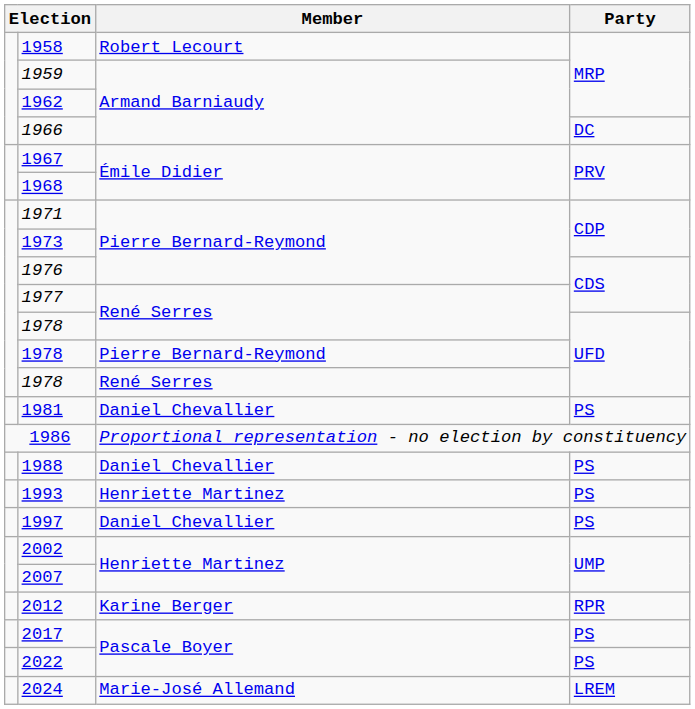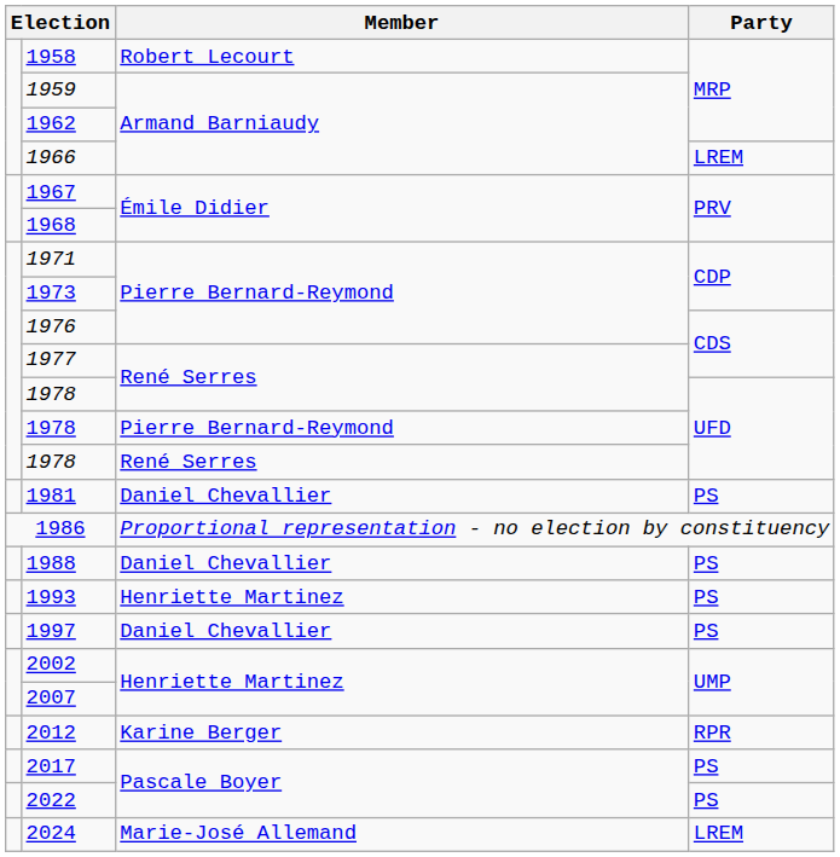 <table class="wikitable">
 <tr>
 <th colspan="2">Election</th>
 <th>Member</th>
 <th>Party</th>
 </tr>
 <tr>
 <td rowspan="4" style="color:inherit;background-color: "></td>
 <td><a href='#'>1958</a></td>
 <td><a href='#'>Robert Lecourt</a></td>
 <td rowspan="3"><a href='#'>MRP</a></td>
 </tr>
 <tr>
 <td><em>1959</em></td>
 <td rowspan="3"><a href='#'>Armand Barniaudy</a></td>
 </tr>
 <tr>
 <td><a href='#'>1962</a></td>
 </tr>
 <tr>
 <td><em>1966</em></td>
-<td><a href='#'>DC</a></td>
+<td><a href='#'>LREM</a></td>
 </tr>
 <tr>
 <td rowspan="2" style="color:inherit;background-color: "></td>
 <td><a href='#'>1967</a></td>
 <td rowspan="2"><a href='#'>Émile Didier</a></td>
 <td rowspan="2"><a href='#'>PRV</a></td>
 </tr>
 <tr>
 <td><a href='#'>1968</a></td>
 </tr>
 <tr>
 <td rowspan="7" style="color:inherit;background-color: "></td>
 <td><em>1971</em></td>
 <td rowspan="3"><a href='#'>Pierre Bernard-Reymond</a></td>
 <td rowspan="2"><a href='#'>CDP</a></td>
 </tr>
 <tr>
 <td><a href='#'>1973</a></td>
 </tr>
 <tr>
 <td><em>1976</em></td>
 <td rowspan="2"><a href='#'>CDS</a></td>
 </tr>
 <tr>
 <td><em>1977</em></td>
 <td rowspan="2"><a href='#'>René Serres</a></td>
 </tr>
 <tr>
 <td><em>1978</em></td>
 <td rowspan="3"><a href='#'>UFD</a></td>
 </tr>
 <tr>
 <td><a href='#'>1978</a></td>
 <td><a href='#'>Pierre Bernard-Reymond</a></td>
 </tr>
 <tr>
 <td><em>1978</em></td>
 <td><a href='#'>René Serres</a></td>
 </tr>
 <tr>
 <td style="color:inherit;background-color: "></td>
 <td><a href='#'>1981</a></td>
 <td><a href='#'>Daniel Chevallier</a></td>
 <td><a href='#'>PS</a></td>
 </tr>
 <tr>
 <td colspan="2" align="center"><a href='#'>1986</a></td>
 <td colspan="2"><em><a href='#'>Proportional representation</a> - no election by constituency</em></td>
 </tr>
 <tr>
 <td style="color:inherit;background-color: "></td>
 <td><a href='#'>1988</a></td>
 <td><a href='#'>Daniel Chevallier</a></td>
 <td><a href='#'>PS</a></td>
 </tr>
 <tr>
 <td style="color:inherit;background-color: "></td>
 <td><a href='#'>1993</a></td>
 <td><a href='#'>Henriette Martinez</a></td>
 <td><a href='#'>PS</a></td>
 </tr>
 <tr>
 <td style="color:inherit;background-color: "></td>
 <td><a href='#'>1997</a></td>
 <td><a href='#'>Daniel Chevallier</a></td>
 <td><a href='#'>PS</a></td>
 </tr>
 <tr>
 <td rowspan="2" style="color:inherit;background-color: "></td>
 <td><a href='#'>2002</a></td>
 <td rowspan="2"><a href='#'>Henriette Martinez</a></td>
 <td rowspan="2"><a href='#'>UMP</a></td>
 </tr>
 <tr>
 <td><a href='#'>2007</a></td>
 </tr>
 <tr>
 <td style="color:inherit;background-color: "></td>
 <td><a href='#'>2012</a></td>
 <td><a href='#'>Karine Berger</a></td>
 <td><a href='#'>RPR</a></td>
 </tr>
 <tr>
 <td style="color:inherit;background-color: "></td>
 <td><a href='#'>2017</a></td>
 <td rowspan="2"><a href='#'>Pascale Boyer</a></td>
 <td><a href='#'>PS</a></td>
 </tr>
 <tr>
 <td style="color:inherit;background-color: "></td>
 <td><a href='#'>2022</a></td>
 <td><a href='#'>PS</a></td>
 </tr>
 <tr>
 <td style="color:inherit;background-color: "></td>
 <td><a href='#'>2024</a></td>
 <td><a href='#'>Marie-José Allemand</a></td>
 <td><a href='#'>LREM</a></td>
 </tr>
 </table>
